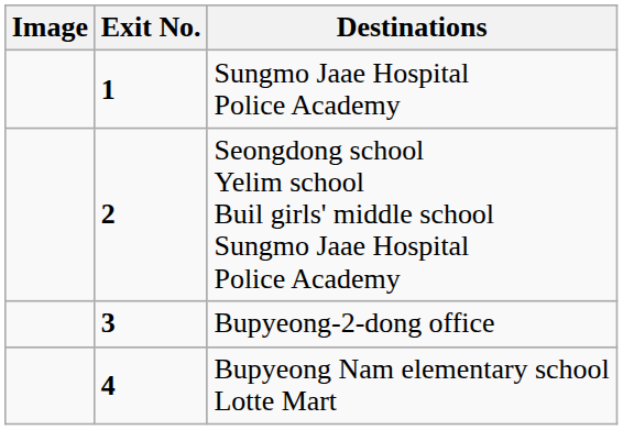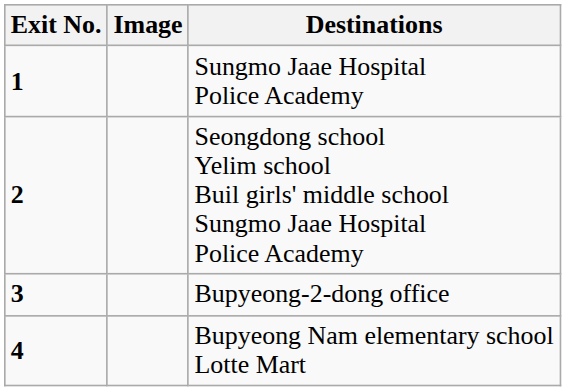 <table class="wikitable">
 <tr>
+<th>Exit No.</th>
 <th>Image</th>
-<th>Exit No.</th>
 <th>Destinations</th>
 </tr>
 <tr>
+<td><strong>1</strong></td>
 <td></td>
-<td><strong>1</strong></td>
 <td>Sungmo Jaae Hospital<br>Police Academy</td>
 </tr>
 <tr>
+<td><strong>2</strong></td>
 <td></td>
-<td><strong>2</strong></td>
 <td>Seongdong school<br>Yelim school<br>Buil girls' middle school<br>Sungmo Jaae Hospital<br>Police Academy</td>
 </tr>
 <tr>
+<td><strong>3</strong></td>
 <td></td>
-<td><strong>3</strong></td>
 <td>Bupyeong-2-dong office</td>
 </tr>
 <tr>
+<td><strong>4</strong></td>
 <td></td>
-<td><strong>4</strong></td>
 <td>Bupyeong Nam elementary school<br>Lotte Mart</td>
 </tr>
 </table>
